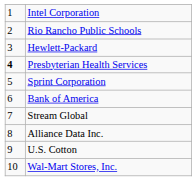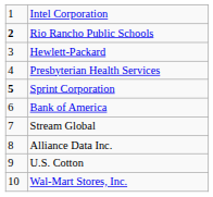 <table class="wikitable" style="font-size: 90%; border: 1px solid #999; float: right; margin-left: 1em; width: 260px;">
 <tr>
 <td>1</td>
 <td style="text-align: left;"><a href='#'>Intel Corporation</a></td>
 </tr>
 <tr>
-<td>2</td>
+<td><strong>2</strong></td>
 <td style="text-align: left;"><a href='#'>Rio Rancho Public Schools</a></td>
 </tr>
 <tr>
 <td>3</td>
 <td style="text-align: left;"><a href='#'>Hewlett-Packard</a></td>
 </tr>
 <tr>
-<td><strong>4</strong></td>
+<td>4</td>
 <td style="text-align: left;"><a href='#'>Presbyterian Health Services</a></td>
 </tr>
 <tr>
-<td>5</td>
+<td><strong>5</strong></td>
 <td style="text-align: left;"><a href='#'>Sprint Corporation</a></td>
 </tr>
 <tr>
 <td>6</td>
 <td style="text-align: left;"><a href='#'>Bank of America</a></td>
 </tr>
 <tr>
 <td>7</td>
 <td style="text-align: left;">Stream Global</td>
 </tr>
 <tr>
 <td>8</td>
 <td style="text-align: left;">Alliance Data Inc.</td>
 </tr>
 <tr>
 <td>9</td>
 <td style="text-align: left;">U.S. Cotton</td>
 </tr>
 <tr>
 <td>10</td>
 <td style="text-align: left;"><a href='#'>Wal-Mart Stores, Inc.</a></td>
 </tr>
 </table>
